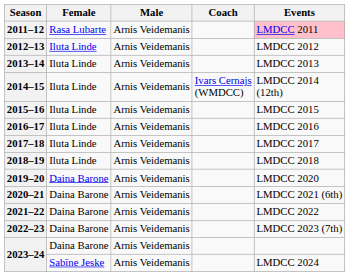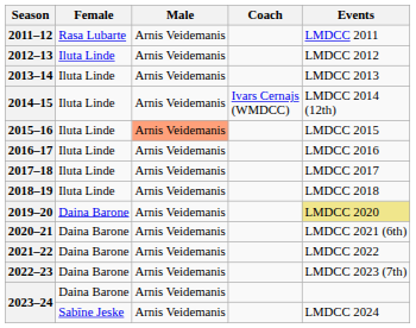 <table class="wikitable">
 <tr>
 <th scope="col">Season</th>
 <th scope="col">Female</th>
 <th scope="col">Male</th>
 <th scope="col">Coach</th>
 <th scope="col">Events</th>
 </tr>
 <tr>
 <th scope="row">2011–12</th>
 <td><a href='#'>Rasa Lubarte</a></td>
 <td>Arnis Veidemanis</td>
 <td></td>
-<td style="background: pink;"><a href='#'>LMDCC</a> 2011 </td>
+<td><a href='#'>LMDCC</a> 2011 </td>
 </tr>
 <tr>
 <th scope="row">2012–13</th>
 <td><a href='#'>Iluta Linde</a></td>
 <td>Arnis Veidemanis</td>
 <td></td>
 <td>LMDCC 2012 </td>
 </tr>
 <tr>
 <th scope="row">2013–14</th>
 <td>Iluta Linde</td>
 <td>Arnis Veidemanis</td>
 <td></td>
 <td>LMDCC 2013 </td>
 </tr>
 <tr>
 <th scope="row">2014–15</th>
 <td>Iluta Linde</td>
 <td>Arnis Veidemanis</td>
 <td><a href='#'>Ivars Cernajs</a><br>(WMDCC)</td>
 <td>LMDCC 2014 <br> (12th)</td>
 </tr>
 <tr>
 <th scope="row">2015–16</th>
 <td>Iluta Linde</td>
-<td>Arnis Veidemanis</td>
+<td style="background: lightsalmon;">Arnis Veidemanis</td>
 <td></td>
 <td>LMDCC 2015 </td>
 </tr>
 <tr>
 <th scope="row">2016–17</th>
 <td>Iluta Linde</td>
 <td>Arnis Veidemanis</td>
 <td></td>
 <td>LMDCC 2016 </td>
 </tr>
 <tr>
 <th scope="row">2017–18</th>
 <td>Iluta Linde</td>
 <td>Arnis Veidemanis</td>
 <td></td>
 <td>LMDCC 2017 </td>
 </tr>
 <tr>
 <th scope="row">2018–19</th>
 <td>Iluta Linde</td>
 <td>Arnis Veidemanis</td>
 <td></td>
 <td>LMDCC 2018 </td>
 </tr>
 <tr>
 <th scope="row">2019–20</th>
 <td><a href='#'>Daina Barone</a></td>
 <td>Arnis Veidemanis</td>
 <td></td>
-<td>LMDCC 2020 </td>
+<td style="background: khaki;">LMDCC 2020 </td>
 </tr>
 <tr>
 <th scope="row">2020–21</th>
 <td>Daina Barone</td>
 <td>Arnis Veidemanis</td>
 <td></td>
 <td>LMDCC 2021 (6th)</td>
 </tr>
 <tr>
 <th scope="row">2021–22</th>
 <td>Daina Barone</td>
 <td>Arnis Veidemanis</td>
 <td></td>
 <td>LMDCC 2022 </td>
 </tr>
 <tr>
 <th scope="row">2022–23</th>
 <td>Daina Barone</td>
 <td>Arnis Veidemanis</td>
 <td></td>
 <td>LMDCC 2023 (7th)</td>
 </tr>
 <tr>
 <th scope="row" rowspan="2">2023–24</th>
 <td>Daina Barone</td>
 <td>Arnis Veidemanis</td>
 <td></td>
 <td></td>
 </tr>
 <tr>
 <td><a href='#'>Sabīne Jeske</a></td>
 <td>Arnis Veidemanis</td>
 <td></td>
 <td>LMDCC 2024 </td>
 </tr>
 </table>
